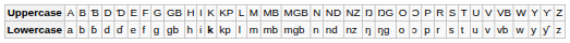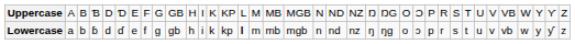 <table class="wikitable">
 <tr>
 <th>Uppercase</th>
 <td>A</td>
 <td>B</td>
 <td>Ɓ</td>
 <td>D</td>
 <td>Ɗ</td>
 <td>E</td>
 <td>F</td>
 <td>G</td>
 <td>GB</td>
 <td>H</td>
 <td>I</td>
 <td>K</td>
 <td>KP</td>
 <td>L</td>
 <td>M</td>
 <td>MB</td>
 <td>MGB</td>
 <td>N</td>
 <td>ND</td>
 <td>NZ</td>
 <td>Ŋ</td>
 <td>ŊG</td>
 <td>O</td>
 <td>Ɔ</td>
 <td>P</td>
 <td>R</td>
 <td>S</td>
 <td>T</td>
 <td>U</td>
 <td>V</td>
 <td>VB</td>
 <td>W</td>
 <td>Y</td>
 <td>Ƴ</td>
 <td>Z</td>
 </tr>
 <tr>
 <th>Lowercase</th>
 <td>a</td>
 <td>b</td>
 <td>ɓ</td>
 <td>d</td>
 <td>ɗ</td>
 <td>e</td>
 <td>f</td>
 <td>g</td>
 <td>gb</td>
 <td>h</td>
 <td>i</td>
-<td><strong>k</strong></td>
+<td>k</td>
 <td>kp</td>
-<td>l</td>
+<td><strong>l</strong></td>
 <td>m</td>
 <td>mb</td>
 <td>mgb</td>
 <td>n</td>
 <td>nd</td>
 <td>nz</td>
 <td>ŋ</td>
 <td>ŋg</td>
 <td>o</td>
 <td>ɔ</td>
 <td>p</td>
 <td>r</td>
 <td>s</td>
 <td>t</td>
 <td>u</td>
 <td>v</td>
 <td>vb</td>
 <td>w</td>
 <td>y</td>
 <td>ƴ</td>
 <td>z</td>
 </tr>
 </table>
